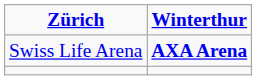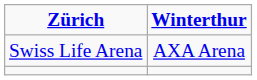 <table class="wikitable" style="text-align:center;">
 <tr>
 <td><strong><a href='#'>Zürich</a></strong></td>
 <td><strong><a href='#'>Winterthur</a></strong></td>
 </tr>
 <tr>
 <td><a href='#'>Swiss Life Arena</a></td>
-<td><strong><a href='#'>AXA Arena</a></strong></td>
+<td><a href='#'>AXA Arena</a></td>
 </tr>
 <tr>
 <td></td>
 <td></td>
 </tr>
 </table>
